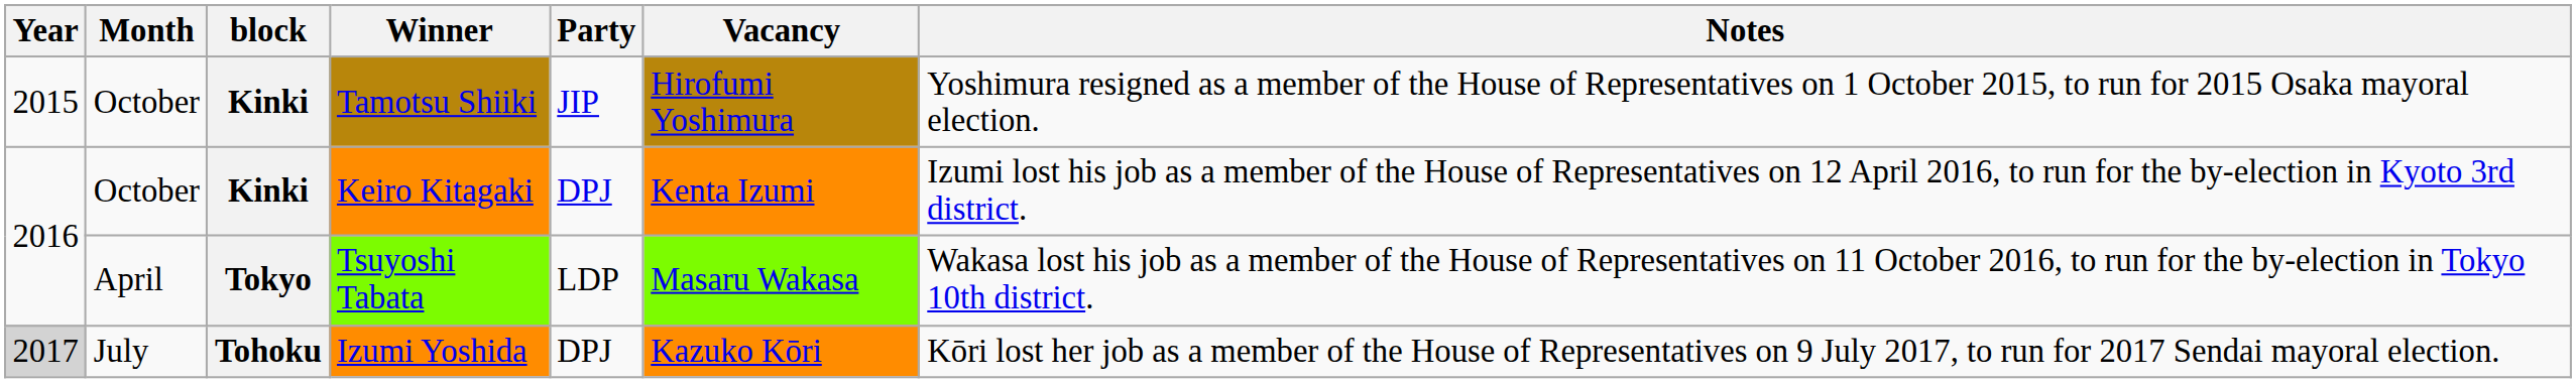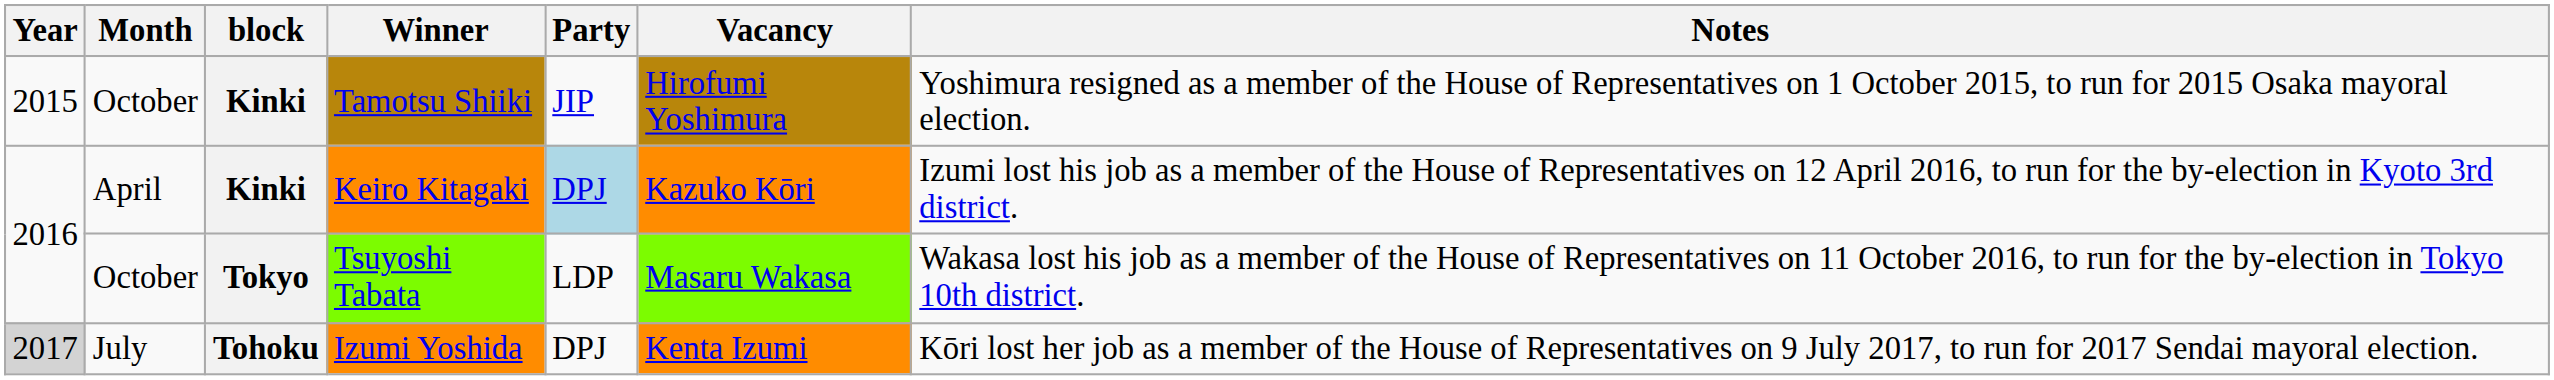 <table class="wikitable">
 <tr>
 <th>Year</th>
 <th>Month</th>
 <th>block</th>
 <th>Winner</th>
 <th>Party</th>
 <th>Vacancy</th>
 <th>Notes</th>
 </tr>
 <tr>
 <td>2015</td>
 <td>October</td>
 <th>Kinki</th>
 <td style="background:darkgoldenrod"><a href='#'>Tamotsu Shiiki</a></td>
 <td><a href='#'>JIP</a></td>
 <td style="background:darkgoldenrod"><a href='#'>Hirofumi Yoshimura</a></td>
 <td>Yoshimura resigned as a member of the House of Representatives on 1 October 2015, to run for 2015 Osaka mayoral election.</td>
 </tr>
 <tr>
 <td rowspan="2">2016</td>
-<td>October</td>
+<td>April</td>
 <th>Kinki</th>
 <td style="background:darkorange"><a href='#'>Keiro Kitagaki</a></td>
-<td><a href='#'>DPJ</a></td>
-<td style="background:darkorange"><a href='#'>Kenta Izumi</a></td>
+<td style="background: lightblue;"><a href='#'>DPJ</a></td>
+<td style="background:darkorange"><a href='#'>Kazuko Kōri</a></td>
 <td>Izumi lost his job as a member of the House of Representatives on 12 April 2016, to run for the by-election in <a href='#'>Kyoto 3rd district</a>.</td>
 </tr>
 <tr>
-<td>April</td>
+<td>October</td>
 <th>Tokyo</th>
 <td style="background:lawngreen"><a href='#'>Tsuyoshi Tabata</a></td>
 <td>LDP</td>
 <td style="background:lawngreen"><a href='#'>Masaru Wakasa</a></td>
 <td>Wakasa lost his job as a member of the House of Representatives on 11 October 2016, to run for the by-election in <a href='#'>Tokyo 10th district</a>.</td>
 </tr>
 <tr>
 <td style="background: lightgrey;">2017</td>
 <td>July</td>
 <th>Tohoku</th>
 <td style="background:darkorange"><a href='#'>Izumi Yoshida</a></td>
 <td>DPJ</td>
-<td style="background:darkorange"><a href='#'>Kazuko Kōri</a></td>
+<td style="background:darkorange"><a href='#'>Kenta Izumi</a></td>
 <td>Kōri lost her job as a member of the House of Representatives on 9 July 2017, to run for 2017 Sendai mayoral election.</td>
 </tr>
 </table>
